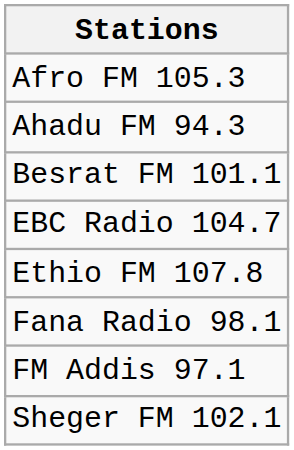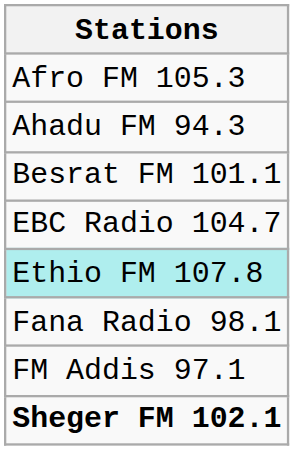 <table class="wikitable">
 <tr>
 <th>Stations</th>
 </tr>
 <tr>
 <td>Afro FM 105.3</td>
 </tr>
 <tr>
 <td>Ahadu FM 94.3</td>
 </tr>
 <tr>
 <td>Besrat FM 101.1</td>
 </tr>
 <tr>
 <td>EBC Radio 104.7</td>
 </tr>
 <tr>
-<td>Ethio FM 107.8</td>
+<td style="background: paleturquoise;">Ethio FM 107.8</td>
 </tr>
 <tr>
 <td>Fana Radio 98.1</td>
 </tr>
 <tr>
 <td>FM Addis 97.1</td>
 </tr>
 <tr>
-<td>Sheger FM 102.1</td>
+<td><strong>Sheger FM 102.1</strong></td>
 </tr>
 </table>
